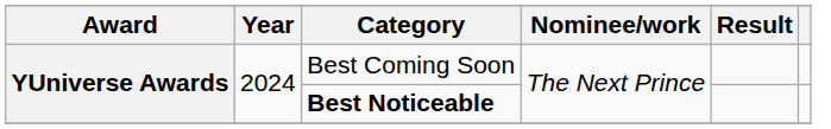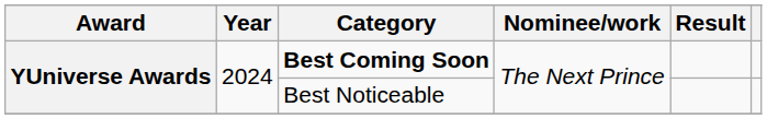 <table class="wikitable sortable plainrowheaders">
 <tr style="background:#ccc; text-align:center;">
 </tr>
 <tr>
 <th scope="col">Award</th>
 <th scope="col">Year</th>
 <th scope="col">Category</th>
 <th scope="col">Nominee/work</th>
 <th scope="col">Result</th>
 <th scope="col" class="unsortable"></th>
 </tr>
 <tr>
 <th scope="row" rowspan=2>YUniverse Awards</th>
 <td style="text-align:center;" rowspan=2>2024</td>
-<td>Best Coming Soon</td>
+<td><strong>Best Coming Soon</strong></td>
 <td rowspan=2><em>The Next Prince</em></td>
 <td></td>
 <td style="text-align:center;"></td>
 </tr>
 <tr>
-<td><strong>Best Noticeable</strong></td>
+<td>Best Noticeable</td>
 <td></td>
 <td style="text-align:center;"></td>
 </tr>
 <tr>
 </tr>
 </table>
